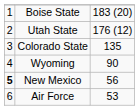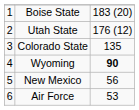 <table class="wikitable" style="display: inline-table;">
 <tr align="center">
 </tr>
 <tr align="center">
 <td>1</td>
 <td>Boise State</td>
 <td>183 (20)</td>
 </tr>
 <tr align="center">
 <td>2</td>
 <td>Utah State</td>
 <td>176 (12)</td>
 </tr>
 <tr align="center">
 <td>3</td>
 <td>Colorado State</td>
 <td>135</td>
 </tr>
 <tr align="center">
 <td>4</td>
 <td>Wyoming</td>
-<td>90</td>
+<td><strong>90</strong></td>
 </tr>
 <tr align="center">
-<td><strong>5</strong></td>
+<td>5</td>
 <td>New Mexico</td>
 <td>56</td>
 </tr>
 <tr align="center">
 <td>6</td>
 <td>Air Force</td>
 <td>53</td>
 </tr>
 </table>
